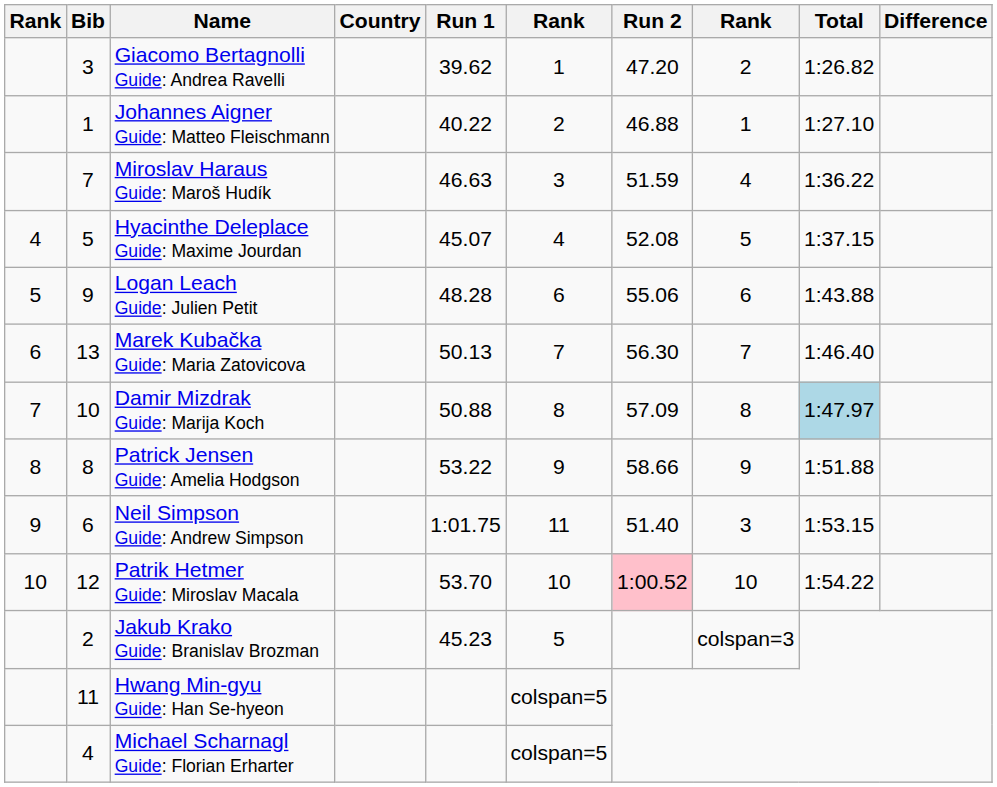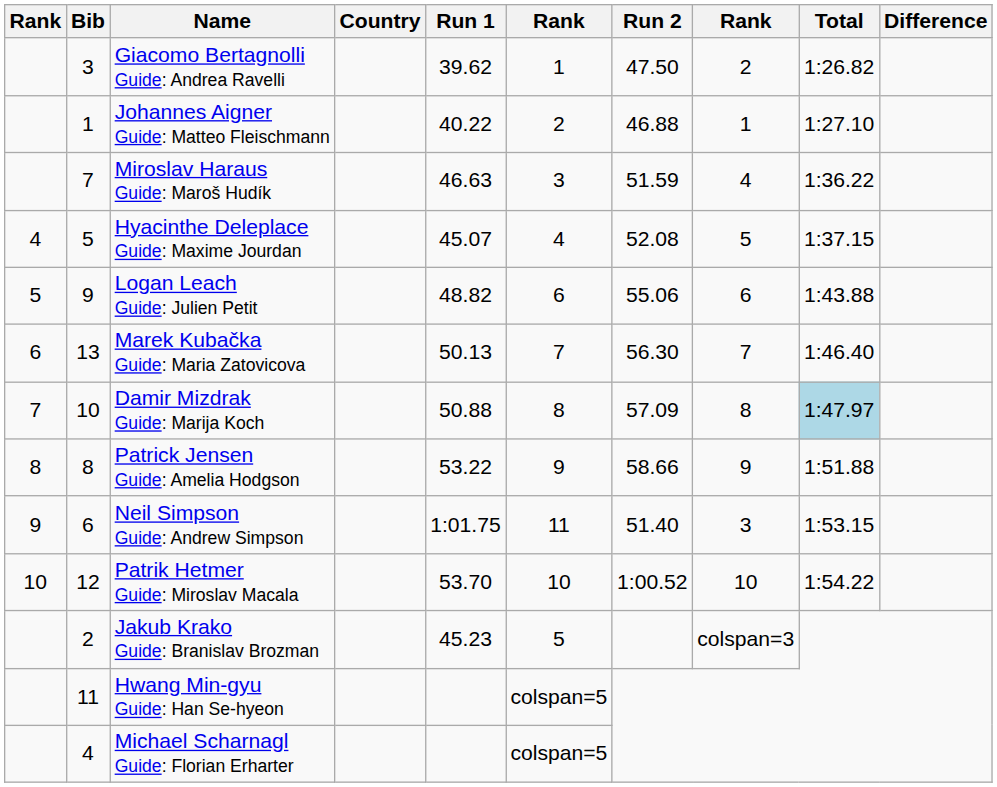 <table class="wikitable sortable" style="text-align:center">
 <tr>
 <th>Rank</th>
 <th>Bib</th>
 <th>Name</th>
 <th>Country</th>
 <th>Run 1</th>
 <th>Rank</th>
 <th>Run 2</th>
 <th>Rank</th>
 <th>Total</th>
 <th>Difference</th>
 </tr>
 <tr>
 <td></td>
 <td>3</td>
 <td align="left"><a href='#'>Giacomo Bertagnolli</a><br><small><a href='#'>Guide</a>: Andrea Ravelli</small></td>
 <td align="left"></td>
 <td>39.62</td>
 <td>1</td>
-<td>47.20</td>
+<td>47.50</td>
 <td>2</td>
 <td>1:26.82</td>
 <td></td>
 </tr>
 <tr>
 <td></td>
 <td>1</td>
 <td align="left"><a href='#'>Johannes Aigner</a><br><small><a href='#'>Guide</a>: Matteo Fleischmann</small></td>
 <td align="left"></td>
 <td>40.22</td>
 <td>2</td>
 <td>46.88</td>
 <td>1</td>
 <td>1:27.10</td>
 <td></td>
 </tr>
 <tr>
 <td></td>
 <td>7</td>
 <td align="left"><a href='#'>Miroslav Haraus</a><br><small><a href='#'>Guide</a>: Maroš Hudík</small></td>
 <td align="left"></td>
 <td>46.63</td>
 <td>3</td>
 <td>51.59</td>
 <td>4</td>
 <td>1:36.22</td>
 <td></td>
 </tr>
 <tr>
 <td>4</td>
 <td>5</td>
 <td align="left"><a href='#'>Hyacinthe Deleplace</a><br><small><a href='#'>Guide</a>: Maxime Jourdan</small></td>
 <td align="left"></td>
 <td>45.07</td>
 <td>4</td>
 <td>52.08</td>
 <td>5</td>
 <td>1:37.15</td>
 <td></td>
 </tr>
 <tr>
 <td>5</td>
 <td>9</td>
 <td align="left"><a href='#'>Logan Leach</a><br><small><a href='#'>Guide</a>: Julien Petit</small></td>
 <td align="left"></td>
-<td>48.28</td>
+<td>48.82</td>
 <td>6</td>
 <td>55.06</td>
 <td>6</td>
 <td>1:43.88</td>
 <td></td>
 </tr>
 <tr>
 <td>6</td>
 <td>13</td>
 <td align="left"><a href='#'>Marek Kubačka</a><br><small><a href='#'>Guide</a>: Maria Zatovicova</small></td>
 <td align="left"></td>
 <td>50.13</td>
 <td>7</td>
 <td>56.30</td>
 <td>7</td>
 <td>1:46.40</td>
 <td></td>
 </tr>
 <tr>
 <td>7</td>
 <td>10</td>
 <td align="left"><a href='#'>Damir Mizdrak</a><br><small><a href='#'>Guide</a>: Marija Koch</small></td>
 <td align="left"></td>
 <td>50.88</td>
 <td>8</td>
 <td>57.09</td>
 <td>8</td>
 <td style="background: lightblue;">1:47.97</td>
 <td></td>
 </tr>
 <tr>
 <td>8</td>
 <td>8</td>
 <td align="left"><a href='#'>Patrick Jensen</a><br><small><a href='#'>Guide</a>: Amelia Hodgson</small></td>
 <td align="left"></td>
 <td>53.22</td>
 <td>9</td>
 <td>58.66</td>
 <td>9</td>
 <td>1:51.88</td>
 <td></td>
 </tr>
 <tr>
 <td>9</td>
 <td>6</td>
 <td align="left"><a href='#'>Neil Simpson</a><br><small><a href='#'>Guide</a>: Andrew Simpson</small></td>
 <td align="left"></td>
 <td>1:01.75</td>
 <td>11</td>
 <td>51.40</td>
 <td>3</td>
 <td>1:53.15</td>
 <td></td>
 </tr>
 <tr>
 <td>10</td>
 <td>12</td>
 <td align="left"><a href='#'>Patrik Hetmer</a><br><small><a href='#'>Guide</a>: Miroslav Macala</small></td>
 <td align="left"></td>
 <td>53.70</td>
 <td>10</td>
-<td style="background: pink;">1:00.52</td>
+<td>1:00.52</td>
 <td>10</td>
 <td>1:54.22</td>
 <td></td>
 </tr>
 <tr>
 <td></td>
 <td>2</td>
 <td align="left"><a href='#'>Jakub Krako</a><br><small><a href='#'>Guide</a>: Branislav Brozman</small></td>
 <td align="left"></td>
 <td>45.23</td>
 <td>5</td>
 <td></td>
 <td>colspan=3 </td>
 </tr>
 <tr>
 <td></td>
 <td>11</td>
 <td align="left"><a href='#'>Hwang Min-gyu</a><br><small><a href='#'>Guide</a>: Han Se-hyeon</small></td>
 <td align="left"></td>
 <td></td>
 <td>colspan=5 </td>
 </tr>
 <tr>
 <td></td>
 <td>4</td>
 <td align="left"><a href='#'>Michael Scharnagl</a><br><small><a href='#'>Guide</a>: Florian Erharter</small></td>
 <td align="left"></td>
 <td></td>
 <td>colspan=5 </td>
 </tr>
 </table>
